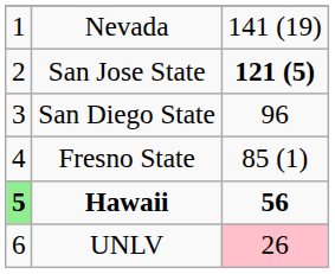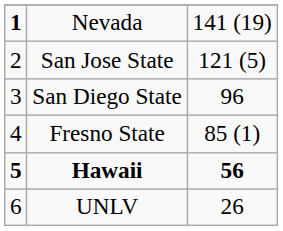 <table class="wikitable" style="display: inline-table;">
 <tr align="center">
 </tr>
 <tr align="center">
-<td>1</td>
+<td><strong>1</strong></td>
 <td>Nevada</td>
 <td>141 (19)</td>
 </tr>
 <tr align="center">
 <td>2</td>
 <td>San Jose State</td>
-<td><strong>121 (5)</strong></td>
+<td>121 (5)</td>
 </tr>
 <tr align="center">
 <td>3</td>
 <td>San Diego State</td>
 <td>96</td>
 </tr>
 <tr align="center">
 <td>4</td>
 <td>Fresno State</td>
 <td>85 (1)</td>
 </tr>
 <tr align="center">
-<td style="background: lightgreen;"><strong>5</strong></td>
+<td><strong>5</strong></td>
 <td><strong>Hawaii</strong></td>
 <td><strong>56</strong></td>
 </tr>
 <tr align="center">
 <td>6</td>
 <td>UNLV</td>
-<td style="background: pink;">26</td>
+<td>26</td>
 </tr>
 </table>
